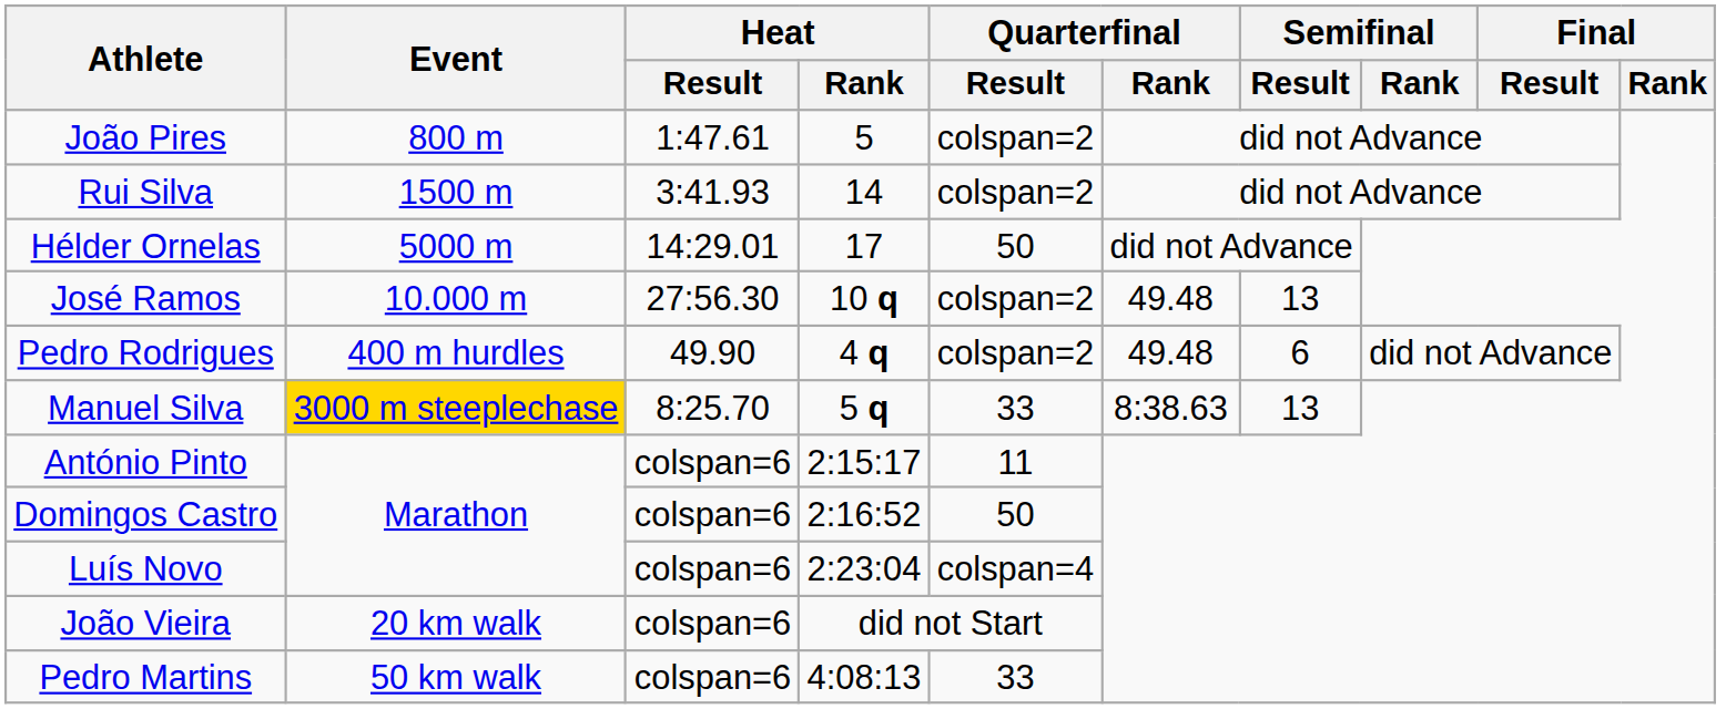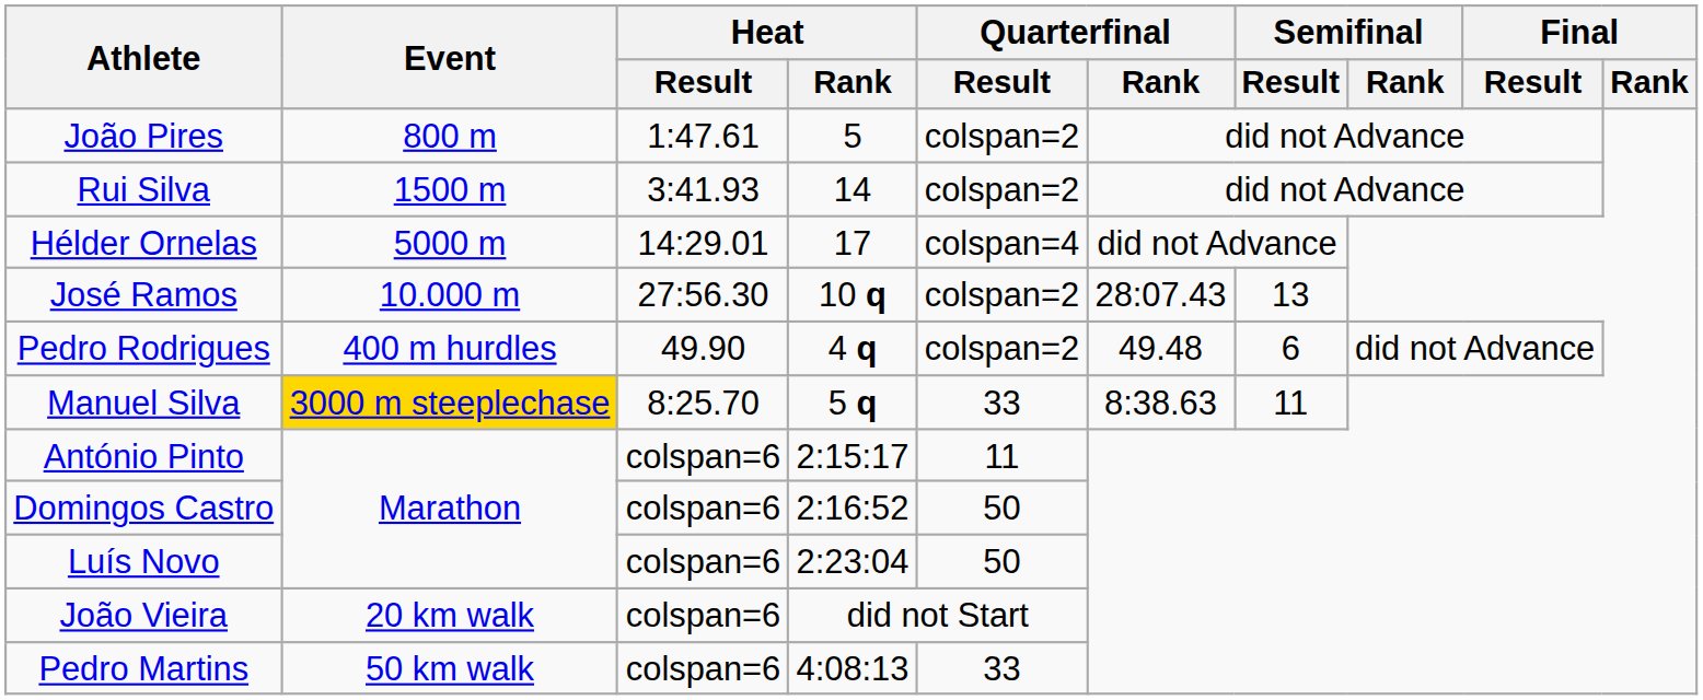 <table class="wikitable" style="font-size:90%">
 <tr>
 <th rowspan="2">Athlete</th>
 <th rowspan="2">Event</th>
 <th colspan="2">Heat</th>
 <th colspan="2">Quarterfinal</th>
 <th colspan="2">Semifinal</th>
 <th colspan="2">Final</th>
 </tr>
 <tr style="font-size:95%">
 <th>Result</th>
 <th>Rank</th>
 <th>Result</th>
 <th>Rank</th>
 <th>Result</th>
 <th>Rank</th>
 <th>Result</th>
 <th>Rank</th>
 </tr>
 <tr align=center>
 <td><a href='#'>João Pires</a></td>
 <td><a href='#'>800 m</a></td>
 <td>1:47.61</td>
 <td>5</td>
 <td>colspan=2 </td>
 <td colspan=4>did not Advance</td>
 </tr>
 <tr align=center>
 <td><a href='#'>Rui Silva</a></td>
 <td><a href='#'>1500 m</a></td>
 <td>3:41.93</td>
 <td>14</td>
 <td>colspan=2 </td>
 <td colspan=4>did not Advance</td>
 </tr>
 <tr align=center>
 <td><a href='#'>Hélder Ornelas</a></td>
 <td><a href='#'>5000 m</a></td>
 <td>14:29.01</td>
 <td>17</td>
-<td>50</td>
+<td>colspan=4 </td>
 <td colspan=2>did not Advance</td>
 </tr>
 <tr align=center>
 <td><a href='#'>José Ramos</a></td>
 <td><a href='#'>10.000 m</a></td>
 <td>27:56.30</td>
 <td>10 <strong>q</strong></td>
 <td>colspan=2 </td>
-<td>49.48</td>
+<td>28:07.43</td>
 <td>13</td>
 </tr>
 <tr align=center>
 <td><a href='#'>Pedro Rodrigues</a></td>
 <td><a href='#'>400 m hurdles</a></td>
 <td>49.90</td>
 <td>4 <strong>q</strong></td>
 <td>colspan=2 </td>
 <td>49.48</td>
 <td>6</td>
 <td colspan=2>did not Advance</td>
 </tr>
 <tr align=center>
 <td><a href='#'>Manuel Silva</a></td>
 <td style="background: gold;"><a href='#'>3000 m steeplechase</a></td>
 <td>8:25.70</td>
 <td>5 <strong>q</strong></td>
 <td>33</td>
 <td>8:38.63</td>
-<td>13</td>
+<td>11</td>
 </tr>
 <tr align=center>
 <td><a href='#'>António Pinto</a></td>
 <td rowspan=3><a href='#'>Marathon</a></td>
 <td>colspan=6 </td>
 <td>2:15:17</td>
 <td>11</td>
 </tr>
 <tr align=center>
 <td><a href='#'>Domingos Castro</a></td>
 <td>colspan=6 </td>
 <td>2:16:52</td>
 <td>50</td>
 </tr>
 <tr align=center>
 <td><a href='#'>Luís Novo</a></td>
 <td>colspan=6 </td>
 <td>2:23:04</td>
-<td>colspan=4 </td>
+<td>50</td>
 </tr>
 <tr align=center>
 <td><a href='#'>João Vieira</a></td>
 <td><a href='#'>20 km walk</a></td>
 <td>colspan=6 </td>
 <td colspan=2>did not Start</td>
 </tr>
 <tr align=center>
 <td><a href='#'>Pedro Martins</a></td>
 <td><a href='#'>50 km walk</a></td>
 <td>colspan=6 </td>
 <td>4:08:13</td>
 <td>33</td>
 </tr>
 </table>
